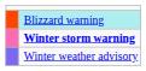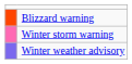 <table class="wikitable"  style="float:right; margin:1em; margin-top:0;">
 <tr>
 <td colspan="6" style="text-align:center;"></td>
 </tr>
 <tr>
 <td style="width:10px; height:10px; background:#FF4500;"></td>
-<td style="background: paleturquoise;"> <a href='#'>Blizzard warning</a></td>
+<td> <a href='#'>Blizzard warning</a></td>
 </tr>
 <tr>
 <td style="width:10px; height:5px; background:hotPink;"></td>
-<td><strong> <a href='#'>Winter storm warning</a></strong></td>
+<td> <a href='#'>Winter storm warning</a></td>
 </tr>
 <tr>
 <td style="width:10px; height:10px; background:#7B68EE;"></td>
 <td> <a href='#'>Winter weather advisory</a></td>
 </tr>
 </table>
